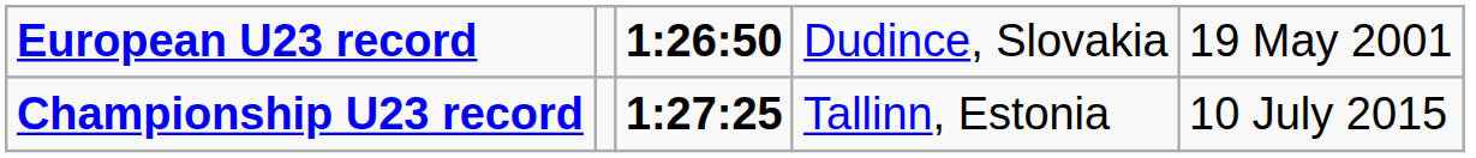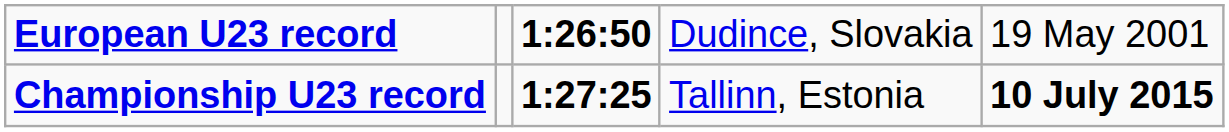 <table class="wikitable">
 <tr>
 <td><strong><a href='#'>European U23 record</a></strong></td>
 <td></td>
 <td><strong>1:26:50</strong></td>
 <td><a href='#'>Dudince</a>, Slovakia</td>
 <td>19 May 2001</td>
 </tr>
 <tr>
 <td><strong><a href='#'>Championship U23 record</a></strong></td>
 <td></td>
 <td><strong>1:27:25</strong></td>
 <td><a href='#'>Tallinn</a>, Estonia</td>
-<td>10 July 2015</td>
+<td><strong>10 July 2015</strong></td>
 </tr>
 </table>
